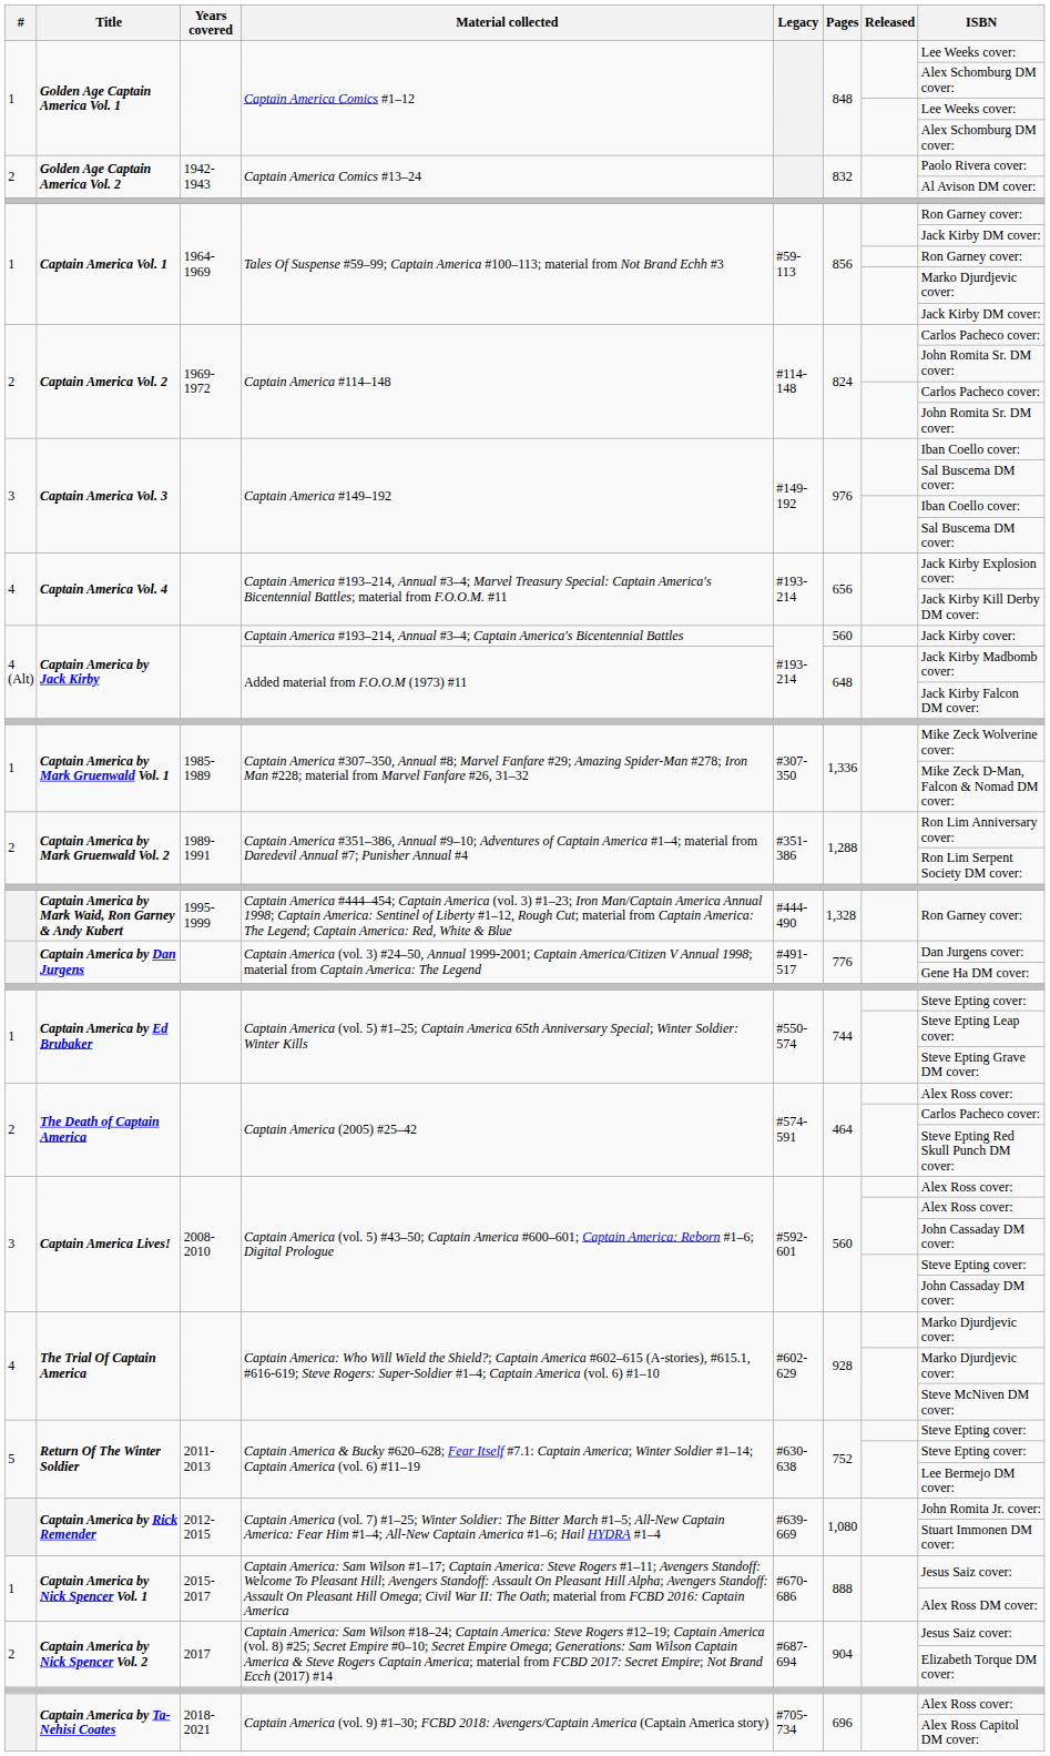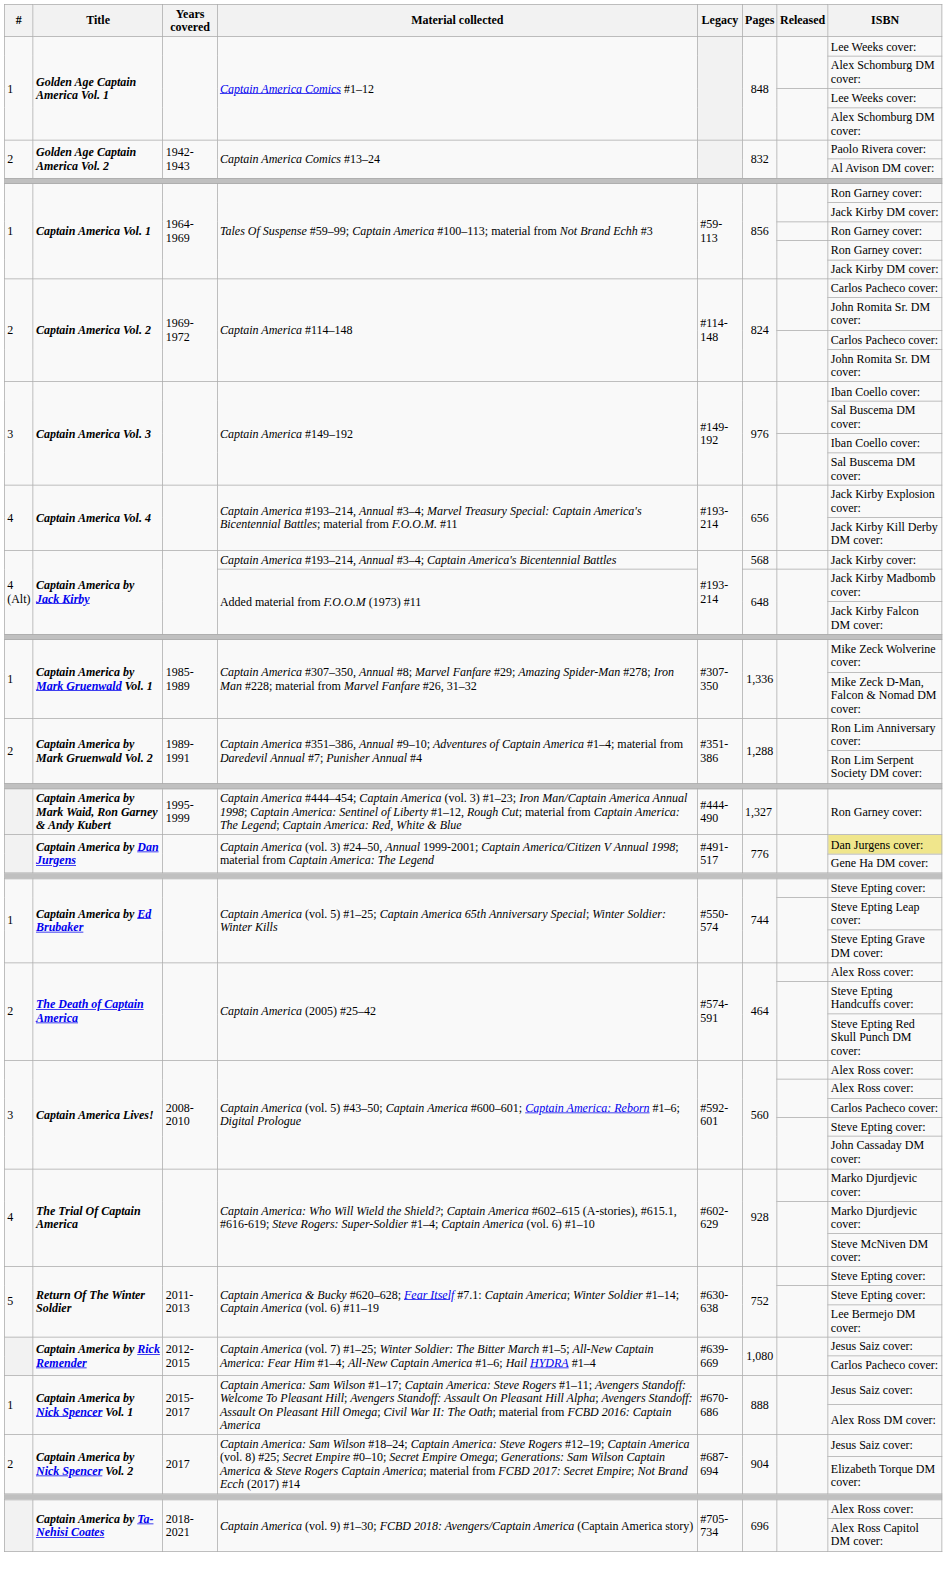 <table class="wikitable sortable" width="99%">
 <tr>
 <th class="unsortable" width="20px">#</th>
 <th>Title</th>
 <th>Years covered</th>
 <th class="unsortable">Material collected</th>
 <th>Legacy</th>
 <th>Pages</th>
 <th>Released</th>
 <th class="unsortable">ISBN</th>
 </tr>
 <tr>
 <td rowspan=4>1</td>
 <td rowspan=4><strong><em>Golden Age Captain America Vol. 1</em></strong></td>
 <td rowspan=4></td>
 <td rowspan=4><em><a href='#'>Captain America Comics</a></em> #1–12</td>
 <th rowspan=4></th>
 <td rowspan=4 style="text-align: center;">848</td>
 <td rowspan=2></td>
 <td>Lee Weeks cover: </td>
 </tr>
 <tr>
 <td>Alex Schomburg DM cover: </td>
 </tr>
 <tr>
 <td rowspan=2></td>
 <td>Lee Weeks cover: </td>
 </tr>
 <tr>
 <td>Alex Schomburg DM cover: </td>
 </tr>
 <tr>
 <td rowspan=2>2</td>
 <td rowspan=2><strong><em>Golden Age Captain America Vol. 2</em></strong></td>
 <td rowspan=2>1942-1943</td>
 <td rowspan=2><em>Captain America Comics</em> #13–24</td>
 <th rowspan=2></th>
 <td rowspan=2 style="text-align: center;">832</td>
 <td rowspan=2></td>
 <td>Paolo Rivera cover: </td>
 </tr>
 <tr>
 <td>Al Avison DM cover: </td>
 </tr>
 <tr>
 <th colspan=8 style="background-color: silver;"></th>
 </tr>
 <tr>
 <td rowspan=5>1</td>
 <td rowspan=5><strong><em>Captain America Vol. 1</em></strong></td>
 <td rowspan=5>1964-1969</td>
 <td rowspan=5><em>Tales Of Suspense</em> #59–99; <em>Captain America</em> #100–113; material from <em>Not Brand Echh</em> #3</td>
 <td rowspan=5>#59-113</td>
 <td rowspan=5 style="text-align: center;">856</td>
 <td rowspan=2></td>
 <td>Ron Garney cover: </td>
 </tr>
 <tr>
 <td>Jack Kirby DM cover: </td>
 </tr>
 <tr>
 <td></td>
 <td>Ron Garney cover: </td>
 </tr>
 <tr>
 <td rowspan=2></td>
-<td>Marko Djurdjevic cover: </td>
+<td>Ron Garney cover: </td>
 </tr>
 <tr>
 <td>Jack Kirby DM cover: </td>
 </tr>
 <tr>
 <td rowspan=4>2</td>
 <td rowspan=4><strong><em>Captain America Vol. 2</em></strong></td>
 <td rowspan=4>1969-1972</td>
 <td rowspan=4><em>Captain America</em> #114–148</td>
 <td rowspan=4>#114-148</td>
 <td rowspan=4 style="text-align: center;">824</td>
 <td rowspan=2></td>
 <td>Carlos Pacheco cover: </td>
 </tr>
 <tr>
 <td>John Romita Sr. DM cover: </td>
 </tr>
 <tr>
 <td rowspan=2></td>
 <td>Carlos Pacheco cover: </td>
 </tr>
 <tr>
 <td>John Romita Sr. DM cover: </td>
 </tr>
 <tr>
 <td rowspan=4>3</td>
 <td rowspan=4><strong><em>Captain America Vol. 3</em></strong></td>
 <td rowspan=4></td>
 <td rowspan=4><em>Captain America</em> #149–192</td>
 <td rowspan=4>#149-192</td>
 <td rowspan=4 style="text-align: center;">976</td>
 <td rowspan=2></td>
 <td>Iban Coello cover: </td>
 </tr>
 <tr>
 <td>Sal Buscema DM cover: </td>
 </tr>
 <tr>
 <td rowspan=2></td>
 <td>Iban Coello cover: </td>
 </tr>
 <tr>
 <td>Sal Buscema DM cover: </td>
 </tr>
 <tr>
 <td rowspan=2>4</td>
 <td rowspan=2><strong><em>Captain America Vol. 4</em></strong></td>
 <td rowspan=2></td>
 <td rowspan=2><em>Captain America</em> #193–214, <em>Annual</em> #3–4; <em>Marvel Treasury Special: Captain America's Bicentennial Battles</em>; material from <em>F.O.O.M.</em> #11</td>
 <td rowspan=2>#193-214</td>
 <td rowspan=2 style="text-align: center;">656</td>
 <td rowspan=2></td>
 <td>Jack Kirby Explosion cover: </td>
 </tr>
 <tr>
 <td>Jack Kirby Kill Derby DM cover: </td>
 </tr>
 <tr>
 <td rowspan=3>4 (Alt)</td>
 <td rowspan=3><strong><em>Captain America by <a href='#'>Jack Kirby</a></em></strong></td>
 <td rowspan=3></td>
 <td><em>Captain America</em> #193–214, <em>Annual</em> #3–4; <em>Captain America's Bicentennial Battles</em></td>
 <td rowspan=3>#193-214</td>
-<td style="text-align: center;">560</td>
+<td style="text-align: center;">568</td>
 <td></td>
 <td>Jack Kirby cover: </td>
 </tr>
 <tr>
 <td rowspan=2>Added material from <em>F.O.O.M</em> (1973) #11</td>
 <td rowspan=2 style="text-align: center;">648</td>
 <td rowspan=2></td>
 <td>Jack Kirby Madbomb cover: </td>
 </tr>
 <tr>
 <td>Jack Kirby Falcon DM cover: </td>
 </tr>
 <tr>
 <th colspan=8 style="background-color: silver;"></th>
 </tr>
 <tr>
 <td rowspan=2>1</td>
 <td rowspan=2><strong><em>Captain America by <a href='#'>Mark Gruenwald</a> Vol. 1</em></strong></td>
 <td rowspan=2>1985-1989</td>
 <td rowspan=2><em>Captain America</em> #307–350, <em>Annual</em> #8; <em>Marvel Fanfare</em> #29; <em>Amazing Spider-Man</em> #278; <em>Iron Man</em> #228; material from <em>Marvel Fanfare</em> #26, 31–32</td>
 <td rowspan=2>#307-350</td>
 <td rowspan=2 style="text-align: center;">1,336</td>
 <td rowspan=2></td>
 <td>Mike Zeck Wolverine cover: </td>
 </tr>
 <tr>
 <td>Mike Zeck D-Man, Falcon & Nomad DM cover: </td>
 </tr>
 <tr>
 <td rowspan=2>2</td>
 <td rowspan=2><strong><em>Captain America by Mark Gruenwald Vol. 2</em></strong></td>
 <td rowspan=2>1989-1991</td>
 <td rowspan=2><em>Captain America</em> #351–386, <em>Annual</em> #9–10; <em>Adventures of Captain America</em> #1–4; material from <em>Daredevil Annual</em> #7; <em>Punisher Annual</em> #4</td>
 <td rowspan=2>#351-386</td>
 <td rowspan=2 style="text-align: center;">1,288</td>
 <td rowspan=2></td>
 <td>Ron Lim Anniversary cover: </td>
 </tr>
 <tr>
 <td>Ron Lim Serpent Society DM cover: </td>
 </tr>
 <tr>
 <th colspan=8 style="background-color: silver;"></th>
 </tr>
 <tr>
 <th style="background-color: light grey;"></th>
 <td><strong><em>Captain America by Mark Waid, Ron Garney & Andy Kubert</em></strong></td>
 <td>1995-1999</td>
 <td><em>Captain America</em> #444–454; <em>Captain America</em> (vol. 3) #1–23; <em>Iron Man/Captain America Annual 1998</em>; <em>Captain America: Sentinel of Liberty</em> #1–12, <em>Rough Cut</em>; material from <em>Captain America: The Legend</em>; <em>Captain America: Red, White & Blue</em></td>
 <td>#444-490</td>
-<td>1,328</td>
+<td>1,327</td>
 <td></td>
 <td>Ron Garney cover: </td>
 </tr>
 <tr>
 <th rowspan=2 style="background-color: light grey;"></th>
 <td rowspan=2><strong><em>Captain America by <a href='#'>Dan Jurgens</a></em></strong></td>
 <td rowspan=2></td>
 <td rowspan=2><em>Captain America</em> (vol. 3) #24–50, <em>Annual</em> 1999-2001; <em>Captain America/Citizen V Annual 1998</em>; material from <em>Captain America: The Legend</em></td>
 <td rowspan=2>#491-517</td>
 <td rowspan=2 style="text-align: center;">776</td>
 <td rowspan=2></td>
-<td>Dan Jurgens cover: </td>
+<td style="background: khaki;">Dan Jurgens cover: </td>
 </tr>
 <tr>
 <td>Gene Ha DM cover: </td>
 </tr>
 <tr>
 <th colspan=8 style="background-color: silver;"></th>
 </tr>
 <tr>
 <td rowspan=3>1</td>
 <td rowspan=3><strong><em>Captain America by <a href='#'>Ed Brubaker</a></em></strong></td>
 <td rowspan=3></td>
 <td rowspan=3><em>Captain America</em> (vol. 5) #1–25; <em>Captain America 65th Anniversary Special</em>; <em>Winter Soldier: Winter Kills</em></td>
 <td rowspan=3>#550-574</td>
 <td rowspan=3 style="text-align: center;">744</td>
 <td></td>
 <td>Steve Epting cover: </td>
 </tr>
 <tr>
 <td rowspan=2></td>
 <td>Steve Epting Leap cover: </td>
 </tr>
 <tr>
 <td>Steve Epting Grave DM cover: </td>
 </tr>
 <tr>
 <td rowspan=3>2</td>
 <td rowspan=3><strong><em><a href='#'>The Death of Captain America</a></em></strong></td>
 <td rowspan=3></td>
 <td rowspan=3><em>Captain America</em> (2005) #25–42</td>
 <td rowspan=3>#574-591</td>
 <td rowspan=3 style="text-align: center;">464</td>
 <td></td>
 <td>Alex Ross cover: </td>
 </tr>
 <tr>
 <td rowspan=2></td>
-<td>Carlos Pacheco cover: </td>
+<td>Steve Epting Handcuffs cover: </td>
 </tr>
 <tr>
 <td>Steve Epting Red Skull Punch DM cover: </td>
 </tr>
 <tr>
 <td rowspan=5>3</td>
 <td rowspan=5><strong><em>Captain America Lives!</em></strong></td>
 <td rowspan=5>2008-2010</td>
 <td rowspan=5><em>Captain America</em> (vol. 5) #43–50; <em>Captain America</em> #600–601; <em><a href='#'>Captain America: Reborn</a></em> #1–6; <em>Digital Prologue</em></td>
 <td rowspan=5>#592-601</td>
 <td rowspan=5 style="text-align: center;">560</td>
 <td></td>
 <td>Alex Ross cover: </td>
 </tr>
 <tr>
 <td rowspan=2></td>
 <td>Alex Ross cover: </td>
 </tr>
 <tr>
-<td>John Cassaday DM cover: </td>
+<td>Carlos Pacheco cover: </td>
 </tr>
 <tr>
 <td rowspan=2></td>
 <td>Steve Epting cover: </td>
 </tr>
 <tr>
 <td>John Cassaday DM cover: </td>
 </tr>
 <tr>
 <td rowspan=3>4</td>
 <td rowspan=3><strong><em>The Trial Of Captain America</em></strong></td>
 <td rowspan=3></td>
 <td rowspan=3><em>Captain America: Who Will Wield the Shield?</em>; <em>Captain America</em> #602–615 (A-stories), #615.1, #616-619; <em>Steve Rogers: Super-Soldier</em> #1–4; <em>Captain America</em> (vol. 6) #1–10</td>
 <td rowspan=3>#602-629</td>
 <td rowspan=3 style="text-align: center;">928</td>
 <td></td>
 <td>Marko Djurdjevic cover: </td>
 </tr>
 <tr>
 <td rowspan=2></td>
 <td>Marko Djurdjevic cover: </td>
 </tr>
 <tr>
 <td>Steve McNiven DM cover: </td>
 </tr>
 <tr>
 <td rowspan=3>5</td>
 <td rowspan=3><strong><em>Return Of The Winter Soldier</em></strong></td>
 <td rowspan=3>2011-2013</td>
 <td rowspan=3><em>Captain America & Bucky</em> #620–628; <em><a href='#'>Fear Itself</a></em> #7.1: <em>Captain America</em>; <em>Winter Soldier</em> #1–14; <em>Captain America</em> (vol. 6) #11–19</td>
 <td rowspan=3>#630-638</td>
 <td rowspan=3 style="text-align: center;">752</td>
 <td></td>
 <td>Steve Epting cover: </td>
 </tr>
 <tr>
 <td rowspan=2></td>
 <td>Steve Epting cover: </td>
 </tr>
 <tr>
 <td>Lee Bermejo DM cover: </td>
 </tr>
 <tr>
 <th rowspan=2 style="background-color: light grey;"></th>
 <td rowspan=2><strong><em>Captain America by <a href='#'>Rick Remender</a></em></strong></td>
 <td rowspan=2>2012-2015</td>
 <td rowspan=2><em>Captain America</em> (vol. 7) #1–25; <em>Winter Soldier: The Bitter March</em> #1–5; <em>All-New Captain America: Fear Him</em> #1–4; <em>All-New Captain America</em> #1–6; <em>Hail <a href='#'>HYDRA</a></em> #1–4</td>
 <td rowspan=2>#639-669</td>
 <td rowspan=2 style="text-align: center;">1,080</td>
 <td rowspan=2></td>
-<td>John Romita Jr. cover: </td>
+<td>Jesus Saiz cover: </td>
 </tr>
 <tr>
-<td>Stuart Immonen DM cover: </td>
+<td>Carlos Pacheco cover: </td>
 </tr>
 <tr>
 <td rowspan=2>1</td>
 <td rowspan=2><strong><em>Captain America by <a href='#'>Nick Spencer</a> Vol. 1</em></strong></td>
 <td rowspan=2>2015-2017</td>
 <td rowspan=2><em>Captain America: Sam Wilson</em> #1–17; <em>Captain America: Steve Rogers</em> #1–11; <em>Avengers Standoff: Welcome To Pleasant Hill</em>; <em>Avengers Standoff: Assault On Pleasant Hill Alpha</em>; <em>Avengers Standoff: Assault On Pleasant Hill Omega</em>; <em>Civil War II: The Oath</em>; material from <em>FCBD 2016: Captain America</em></td>
 <td rowspan=2>#670-686</td>
 <td rowspan=2 style="text-align: center;">888</td>
 <td rowspan=2></td>
 <td>Jesus Saiz cover: </td>
 </tr>
 <tr>
 <td>Alex Ross DM cover: </td>
 </tr>
 <tr>
 <td rowspan=2>2</td>
 <td rowspan=2><strong><em>Captain America by <a href='#'>Nick Spencer</a> Vol. 2</em></strong></td>
 <td rowspan=2>2017</td>
 <td rowspan=2><em>Captain America: Sam Wilson</em> #18–24; <em>Captain America: Steve Rogers</em> #12–19; <em>Captain America</em> (vol. 8) #25; <em>Secret Empire</em> #0–10; <em>Secret Empire Omega</em>; <em>Generations: Sam Wilson Captain America & Steve Rogers Captain America</em>; material from <em>FCBD 2017: Secret Empire</em>; <em>Not Brand Ecch</em> (2017) #14</td>
 <td rowspan=2>#687-694</td>
 <td rowspan=2 style="text-align: center;">904</td>
 <td rowspan=2></td>
 <td>Jesus Saiz cover: </td>
 </tr>
 <tr>
 <td>Elizabeth Torque DM cover: </td>
 </tr>
 <tr>
 <th colspan=8 style="background-color: silver;"></th>
 </tr>
 <tr>
 <th rowspan=2 style="background-color: light grey;"></th>
 <td rowspan=2><strong><em>Captain America by <a href='#'>Ta-Nehisi Coates</a></em></strong></td>
 <td rowspan=2>2018-2021</td>
 <td rowspan=2><em>Captain America</em> (vol. 9) #1–30; <em>FCBD 2018: Avengers/Captain America</em> (Captain America story)</td>
 <td rowspan=2>#705-734</td>
 <td rowspan=2 style="text-align: center;">696</td>
 <td rowspan=2></td>
 <td>Alex Ross cover: </td>
 </tr>
 <tr>
 <td>Alex Ross Capitol DM cover: </td>
 </tr>
 </table>
